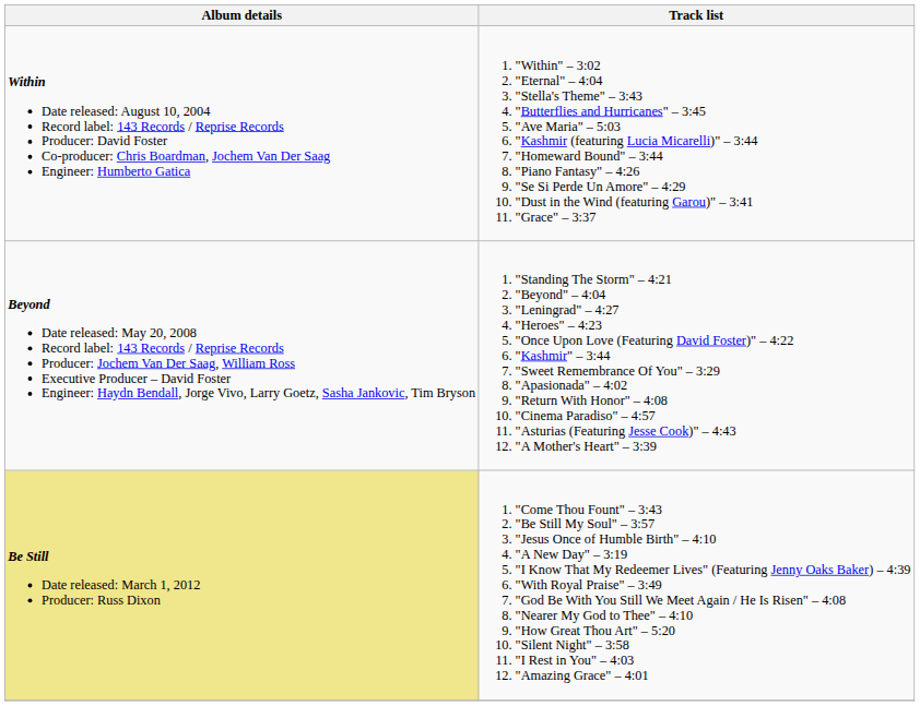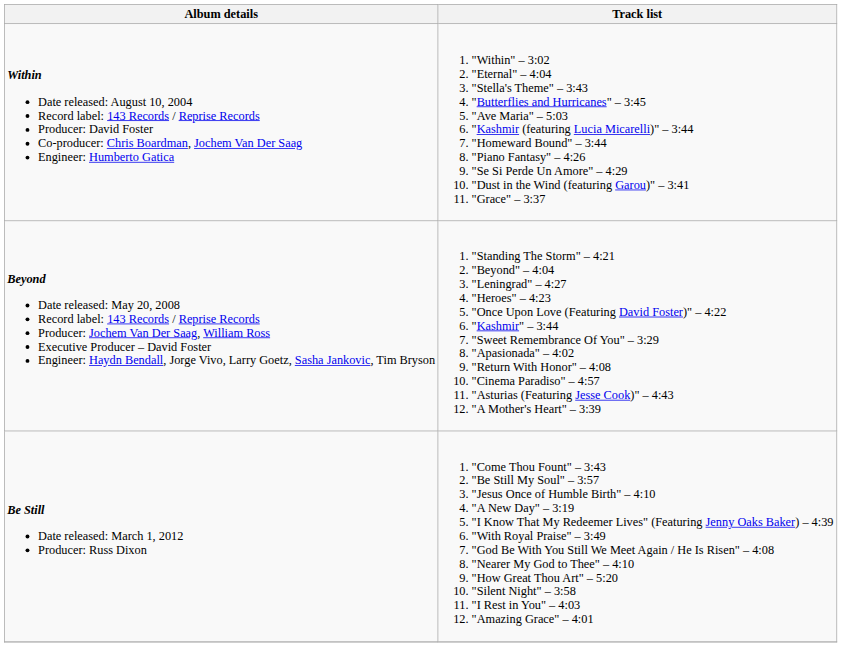 <table class="wikitable">
 <tr>
 <th>Album details</th>
 <th>Track list</th>
 </tr>
 <tr>
 <td><strong><em>Within</em></strong><br><ul><li>Date released: August 10, 2004</li><li>Record label: <a href='#'>143 Records</a> / <a href='#'>Reprise Records</a></li><li>Producer: David Foster</li><li>Co-producer: <a href='#'>Chris Boardman</a>, <a href='#'>Jochem Van Der Saag</a></li><li>Engineer: <a href='#'>Humberto Gatica</a></li></ul></td>
 <td><br><ol><li>"Within" – 3:02</li><li>"Eternal" – 4:04</li><li>"Stella's Theme" – 3:43</li><li>"<a href='#'>Butterflies and Hurricanes</a>" – 3:45</li><li>"Ave Maria" – 5:03</li><li>"<a href='#'>Kashmir</a> (featuring <a href='#'>Lucia Micarelli</a>)" – 3:44</li><li>"Homeward Bound" – 3:44</li><li>"Piano Fantasy" – 4:26</li><li>"Se Si Perde Un Amore" – 4:29</li><li>"Dust in the Wind (featuring <a href='#'>Garou</a>)" – 3:41</li><li>"Grace" – 3:37</li></ol></td>
 </tr>
 <tr>
 <td><strong><em>Beyond</em></strong><br><ul><li>Date released: May 20, 2008</li><li>Record label: <a href='#'>143 Records</a> / <a href='#'>Reprise Records</a></li><li>Producer: <a href='#'>Jochem Van Der Saag</a>, <a href='#'>William Ross</a></li><li>Executive Producer – David Foster</li><li>Engineer: <a href='#'>Haydn Bendall</a>, Jorge Vivo, Larry Goetz, <a href='#'>Sasha Jankovic</a>, Tim Bryson</li></ul></td>
 <td><br><ol><li>"Standing The Storm" – 4:21</li><li>"Beyond" – 4:04</li><li>"Leningrad" – 4:27</li><li>"Heroes" – 4:23</li><li>"Once Upon Love (Featuring <a href='#'>David Foster</a>)" – 4:22</li><li>"<a href='#'>Kashmir</a>" – 3:44</li><li>"Sweet Remembrance Of You" – 3:29</li><li>"Apasionada" – 4:02</li><li>"Return With Honor" – 4:08</li><li>"Cinema Paradiso" – 4:57</li><li>"Asturias (Featuring <a href='#'>Jesse Cook</a>)" – 4:43</li><li>"A Mother's Heart" – 3:39</li></ol></td>
 </tr>
 <tr>
-<td style="background: khaki;"><strong><em>Be Still</em></strong><br><ul><li>Date released: March 1, 2012</li><li>Producer: Russ Dixon</li></ul></td>
+<td><strong><em>Be Still</em></strong><br><ul><li>Date released: March 1, 2012</li><li>Producer: Russ Dixon</li></ul></td>
 <td><br><ol><li>"Come Thou Fount" – 3:43</li><li>"Be Still My Soul" – 3:57</li><li>"Jesus Once of Humble Birth" – 4:10</li><li>"A New Day" – 3:19</li><li>"I Know That My Redeemer Lives" (Featuring <a href='#'>Jenny Oaks Baker</a>) – 4:39</li><li>"With Royal Praise" – 3:49</li><li>"God Be With You Still We Meet Again / He Is Risen" – 4:08</li><li>"Nearer My God to Thee" – 4:10</li><li>"How Great Thou Art" – 5:20</li><li>"Silent Night" – 3:58</li><li>"I Rest in You" – 4:03</li><li>"Amazing Grace" – 4:01</li></ol></td>
 </tr>
 <tr>
 </tr>
 </table>
